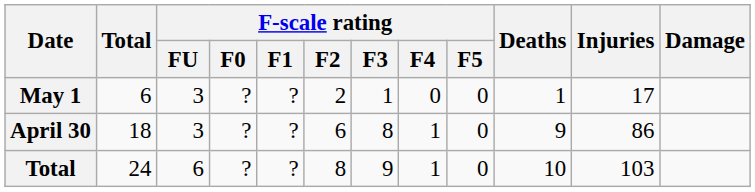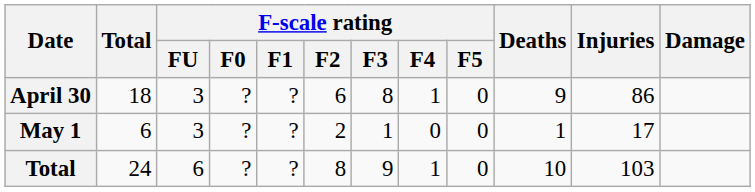 <table class="wikitable sortable" style="margin: 1em auto 1em auto;">
 <tr>
 <th scope="col" rowspan="2">Date</th>
 <th scope="col" rowspan="2" align="center">Total</th>
 <th scope="col" colspan="7" align="center"><a href='#'>F-scale</a> rating</th>
 <th scope="col" rowspan="2" align="center">Deaths</th>
 <th scope="col" rowspan="2" align="center">Injuries</th>
 <th scope="col" rowspan="2" align="center">Damage</th>
 </tr>
 <tr>
 <th scope="col" align="center"> FU </th>
 <th scope="col" align="center"> F0 </th>
 <th scope="col" align="center"> F1 </th>
 <th scope="col" align="center"> F2 </th>
 <th scope="col" align="center"> F3 </th>
 <th scope="col" align="center"> F4 </th>
 <th scope="col" align="center"> F5 </th>
 </tr>
 <tr>
+<th scope="row">April 30</th>
+<td align="right">18</td>
+<td align="right">3</td>
+<td align="right">?</td>
+<td align="right">?</td>
+<td align="right">6</td>
+<td align="right">8</td>
+<td align="right">1</td>
+<td align="right">0</td>
+<td align="right">9</td>
+<td align="right">86</td>
+<td align="right"></td>
+</tr>
+<tr>
 <th scope="row">May 1</th>
 <td align="right">6</td>
 <td align="right">3</td>
 <td align="right">?</td>
 <td align="right">?</td>
 <td align="right">2</td>
 <td align="right">1</td>
 <td align="right">0</td>
 <td align="right">0</td>
 <td align="right">1</td>
 <td align="right">17</td>
-<td align="right"></td>
-</tr>
-<tr>
-<th scope="row">April 30</th>
-<td align="right">18</td>
-<td align="right">3</td>
-<td align="right">?</td>
-<td align="right">?</td>
-<td align="right">6</td>
-<td align="right">8</td>
-<td align="right">1</td>
-<td align="right">0</td>
-<td align="right">9</td>
-<td align="right">86</td>
 <td align="right"></td>
 </tr>
 <tr class="sortbottom">
 <th scope="row">Total</th>
 <td align="right">24</td>
 <td align="right">6</td>
 <td align="right">?</td>
 <td align="right">?</td>
 <td align="right">8</td>
 <td align="right">9</td>
 <td align="right">1</td>
 <td align="right">0</td>
 <td align="right">10</td>
 <td align="right">103</td>
 <td align="right"></td>
 </tr>
 </table>
